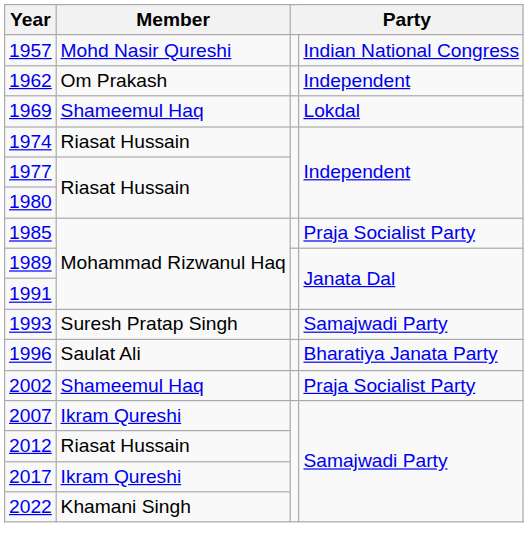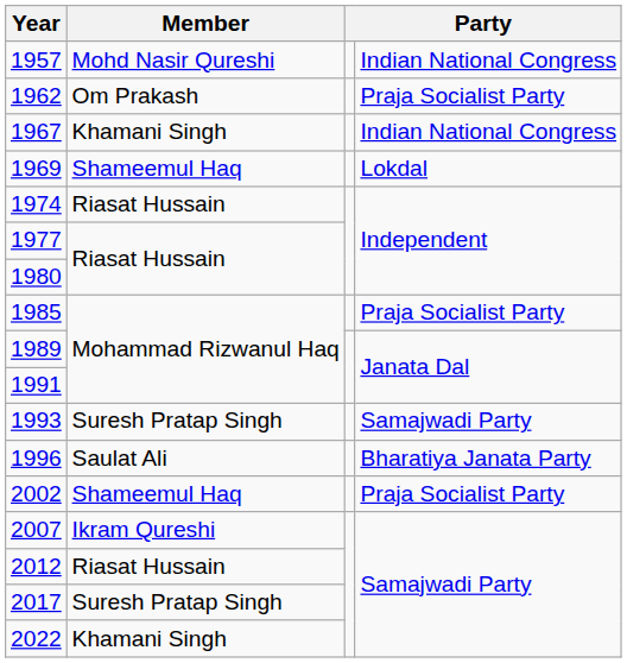 <table class="wikitable">
 <tr>
 <th>Year</th>
 <th>Member</th>
 <th colspan="2">Party</th>
 </tr>
 <tr>
 <td><a href='#'>1957</a></td>
 <td><a href='#'>Mohd Nasir Qureshi</a></td>
 <td style="background-color: "></td>
 <td><a href='#'>Indian National Congress</a></td>
 </tr>
 <tr>
 <td><a href='#'>1962</a></td>
 <td>Om Prakash</td>
 <td style="background-color: "></td>
-<td><a href='#'>Independent</a></td>
+<td><a href='#'>Praja Socialist Party</a></td>
+</tr>
+<tr>
+<td><a href='#'>1967</a></td>
+<td>Khamani Singh</td>
+<td style="background-color: "></td>
+<td><a href='#'>Indian National Congress</a></td>
 </tr>
 <tr>
 <td><a href='#'>1969</a></td>
 <td><a href='#'>Shameemul Haq</a></td>
 <td style="background-color: "></td>
 <td><a href='#'>Lokdal</a></td>
 </tr>
 <tr>
 <td><a href='#'>1974</a></td>
 <td>Riasat Hussain</td>
 <td rowspan="3" style="background-color: "></td>
 <td rowspan="3"><a href='#'>Independent</a></td>
 </tr>
 <tr>
 <td><a href='#'>1977</a></td>
 <td rowspan="2">Riasat Hussain</td>
 </tr>
 <tr>
 <td><a href='#'>1980</a></td>
 </tr>
 <tr>
 <td><a href='#'>1985</a></td>
 <td rowspan="3">Mohammad Rizwanul Haq</td>
 <td style="background-color: "></td>
 <td><a href='#'>Praja Socialist Party</a></td>
 </tr>
 <tr>
 <td><a href='#'>1989</a></td>
 <td rowspan="2" style="background-color: "></td>
 <td rowspan="2"><a href='#'>Janata Dal</a></td>
 </tr>
 <tr>
 <td><a href='#'>1991</a></td>
 </tr>
 <tr>
 <td><a href='#'>1993</a></td>
 <td>Suresh Pratap Singh</td>
 <td style="background-color: "></td>
 <td><a href='#'>Samajwadi Party</a></td>
 </tr>
 <tr>
 <td><a href='#'>1996</a></td>
 <td>Saulat Ali</td>
 <td style="background-color: "></td>
 <td><a href='#'>Bharatiya Janata Party</a></td>
 </tr>
 <tr>
 <td><a href='#'>2002</a></td>
 <td><a href='#'>Shameemul Haq</a></td>
 <td style="background-color: "></td>
 <td><a href='#'>Praja Socialist Party</a></td>
 </tr>
 <tr>
 <td><a href='#'>2007</a></td>
 <td><a href='#'>Ikram Qureshi</a></td>
 <td rowspan="4" style="background-color: "></td>
 <td rowspan="4"><a href='#'>Samajwadi Party</a></td>
 </tr>
 <tr>
 <td><a href='#'>2012</a></td>
 <td>Riasat Hussain</td>
 </tr>
 <tr>
 <td><a href='#'>2017</a></td>
-<td><a href='#'>Ikram Qureshi</a></td>
+<td>Suresh Pratap Singh</td>
 </tr>
 <tr>
 <td><a href='#'>2022</a></td>
 <td>Khamani Singh</td>
 </tr>
 </table>
